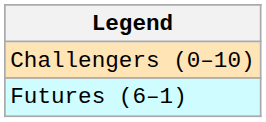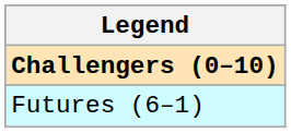 <table class=wikitable>
 <tr>
 <th>Legend</th>
 </tr>
 <tr bgcolor=moccasin>
-<td>Challengers (0–10)</td>
+<td><strong>Challengers (0–10)</strong></td>
 </tr>
 <tr bgcolor=cffcff>
 <td>Futures (6–1)</td>
 </tr>
 </table>
